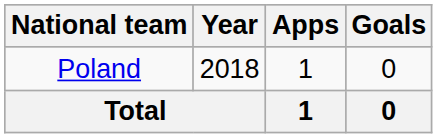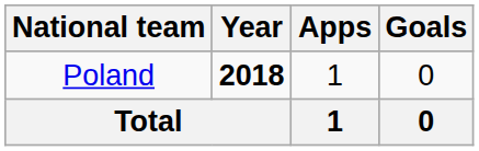 <table class="wikitable" style="text-align:center">
 <tr>
 <th>National team</th>
 <th>Year</th>
 <th>Apps</th>
 <th>Goals</th>
 </tr>
 <tr>
 <td><a href='#'>Poland</a></td>
-<td>2018</td>
+<td><strong>2018</strong></td>
 <td>1</td>
 <td>0</td>
 </tr>
 <tr>
 <th colspan=2>Total</th>
 <th>1</th>
 <th>0</th>
 </tr>
 </table>
